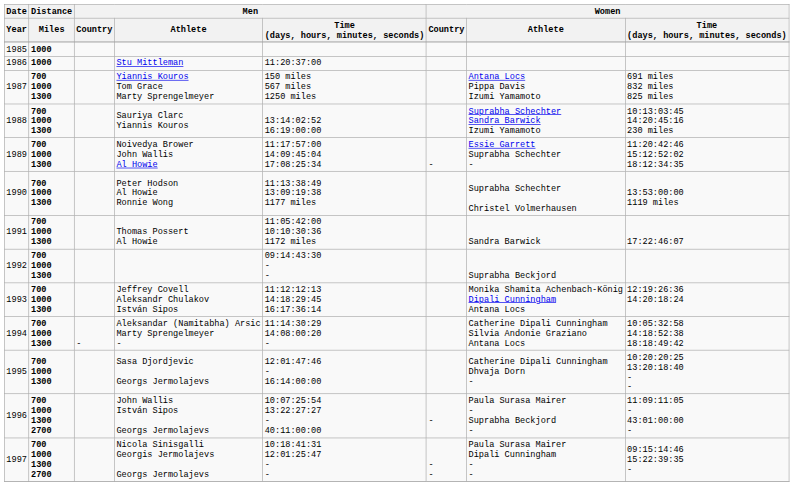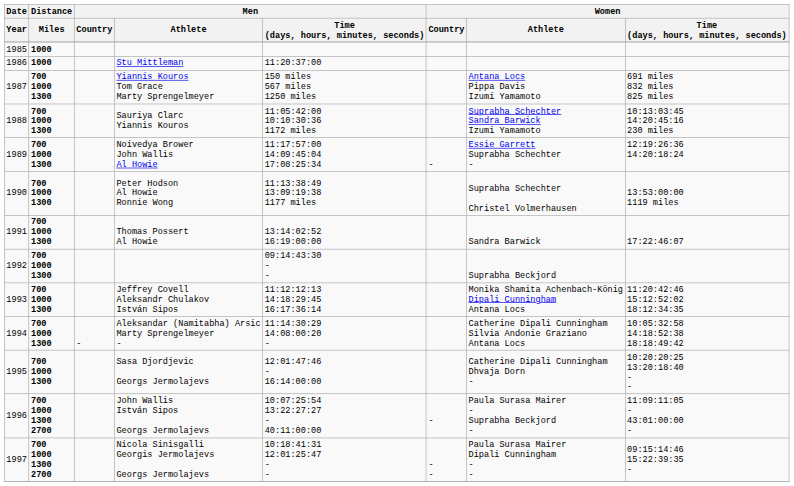 <table class="wikitable sortable mw-collapsible mw-collapsed">
 <tr>
 <th colspan="1">Date</th>
 <th colspan="1">Distance</th>
 <th colspan="3">Men</th>
 <th colspan="3">Women</th>
 </tr>
 <tr>
 <th>Year</th>
 <th>Miles</th>
 <th>Country</th>
 <th>Athlete</th>
 <th>Time<br>(days, hours, minutes, seconds)</th>
 <th>Country</th>
 <th>Athlete</th>
 <th>Time<br>(days, hours, minutes, seconds)</th>
 </tr>
 <tr>
 </tr>
 <tr>
 <td>1985</td>
 <td><strong>1000</strong></td>
 <td></td>
 <td></td>
 <td></td>
 <td></td>
 <td></td>
 <td></td>
 </tr>
 <tr>
 <td>1986</td>
 <td><strong>1000</strong></td>
 <td></td>
 <td><a href='#'>Stu Mittleman</a></td>
 <td>11:20:37:00 </td>
 <td></td>
 <td></td>
 <td></td>
 </tr>
 <tr>
 <td>1987</td>
 <td><strong>700</strong><br><strong>1000</strong><br><strong>1300</strong></td>
 <td> <br><br></td>
 <td><a href='#'>Yiannis Kouros</a><br>Tom Grace<br>Marty Sprengelmeyer</td>
 <td>150 miles<br>567 miles<br>1250 miles</td>
 <td><br> <br> </td>
 <td><a href='#'>Antana Locs</a><br>Pippa Davis<br> Izumi Yamamoto</td>
 <td>691 miles<br>832 miles<br>825 miles </td>
 </tr>
 <tr>
 <td>1988</td>
 <td><strong>700</strong><br><strong>1000</strong><br><strong>1300</strong></td>
 <td><br><br></td>
 <td>Sauriya Clarc<br> Yiannis Kouros<br></td>
-<td><br>13:14:02:52 <br>16:19:00:00 </td>
+<td>11:05:42:00<br>10:10:30:36<br>1172 miles</td>
 <td><br><br></td>
 <td><a href='#'>Suprabha Schechter</a><br><a href='#'>Sandra Barwick</a><br>Izumi Yamamoto</td>
 <td>10:13:03:45<br>14:20:45:16<br>230 miles</td>
 </tr>
 <tr>
 <td>1989</td>
 <td><strong>700</strong><br><strong>1000</strong><br><strong>1300</strong></td>
 <td><br> <br> </td>
 <td>Noivedya Brower<br> John Wallis<br> <a href='#'>Al Howie</a></td>
 <td>11:17:57:00 <br>14:09:45:04 <br>17:08:25:34 </td>
 <td> <br><br> -</td>
 <td><a href='#'>Essie Garrett</a> <br>Suprabha Schechter<br> -</td>
-<td>11:20:42:46 <br>15:12:52:02<br> 18:12:34:35 </td>
+<td>12:19:26:36 <br>14:20:18:24 <br><br></td>
 </tr>
 <tr>
 <td>1990</td>
 <td><strong>700</strong><br><strong>1000</strong><br><strong>1300</strong></td>
 <td></td>
 <td>Peter Hodson<br>Al Howie<br>Ronnie Wong</td>
 <td>11:13:38:49<br>13:09:19:38<br>1177 miles</td>
 <td><br><br></td>
 <td><br>Suprabha Schechter<br><br>Christel Volmerhausen</td>
 <td><br>13:53:00:00<br> 1119 miles</td>
 </tr>
 <tr>
 <td>1991</td>
 <td><strong>700</strong><br><strong>1000</strong><br><strong>1300</strong></td>
 <td><br> <br></td>
 <td><br>Thomas Possert<br> Al Howie</td>
-<td>11:05:42:00<br>10:10:30:36<br>1172 miles</td>
+<td><br>13:14:02:52 <br>16:19:00:00 </td>
 <td><br><br></td>
 <td><br><br>Sandra Barwick</td>
 <td><br><br>17:22:46:07</td>
 </tr>
 <tr>
 <td>1992</td>
 <td><strong>700</strong><br><strong>1000</strong><br><strong>1300</strong></td>
 <td><br><br></td>
 <td><br><br></td>
 <td>09:14:43:30<br>-<br>-</td>
 <td><br><br></td>
 <td><br><br>Suprabha Beckjord</td>
 <td></td>
 </tr>
 <tr>
 <td>1993</td>
 <td><strong>700</strong><br><strong>1000</strong><br><strong>1300</strong></td>
 <td> <br><br></td>
 <td>Jeffrey Covell<br> Aleksandr Chulakov <br> István Sipos</td>
 <td>11:12:12:13 <br>14:18:29:45 <br>16:17:36:14</td>
 <td> <br><br> </td>
 <td>Monika Shamita Achenbach-König<br> <a href='#'>Dipali Cunningham</a><br>Antana Locs</td>
-<td>12:19:26:36 <br>14:20:18:24 <br><br></td>
+<td>11:20:42:46 <br>15:12:52:02<br> 18:12:34:35 </td>
 </tr>
 <tr>
 <td>1994</td>
 <td><strong>700</strong><br><strong>1000</strong><br><strong>1300</strong></td>
 <td> <br>  <br> -</td>
 <td>Aleksandar (Namitabha) Arsic <br> Marty Sprengelmeyer <br> -</td>
 <td>11:14:30:29 <br>14:08:00:20<br> -</td>
 <td><br> <br></td>
 <td>Catherine Dipali Cunningham<br>Silvia Andonie Graziano<br> Antana Locs</td>
 <td>10:05:32:58 <br>14:18:52:38<br> 18:18:49:42 </td>
 </tr>
 <tr>
 <td>1995</td>
 <td><strong>700</strong><br><strong>1000</strong><br><strong>1300</strong></td>
 <td> <br><br></td>
 <td>Sasa Djordjevic<br><br> Georgs Jermolajevs</td>
 <td>12:01:47:46<br>-<br>16:14:00:00</td>
 <td> <br> </td>
 <td>Catherine Dipali Cunningham <br> Dhvaja Dorn<br>-</td>
 <td>10:20:20:25<br>13:20:18:40<br>-<br>-</td>
 </tr>
 <tr>
 <td>1996</td>
 <td><strong>700</strong><br><strong>1000</strong><br><strong>1300</strong><br><strong>2700</strong></td>
 <td><br><br><br></td>
 <td>John Wallis<br>István Sipos<br><br>Georgs Jermolajevs</td>
 <td>10:07:25:54 <br>13:22:27:27 <br>-<br>40:11:00:00</td>
 <td><br>-<br> </td>
 <td>Paula Surasa Mairer<br>-<br> Suprabha Beckjord <br> -</td>
 <td>11:09:11:05 <br>-<br> 43:01:00:00 <br> -</td>
 </tr>
 <tr>
 <td>1997</td>
 <td><strong>700</strong><br><strong>1000</strong><br><strong>1300</strong><br><strong>2700</strong></td>
 <td><br><br><br></td>
 <td>Nicola Sinisgalli<br>Georgis Jermolajevs<br><br>Georgs Jermolajevs<br></td>
 <td>10:18:41:31<br> 12:01:25:47<br>-<br>-</td>
 <td><br><br>-<br>-</td>
 <td>Paula Surasa Mairer<br>Dipali Cunningham<br>-<br>-</td>
 <td>09:15:14:46 <br>15:22:39:35<br>-</td>
 </tr>
 <tr>
 </tr>
 </table>
